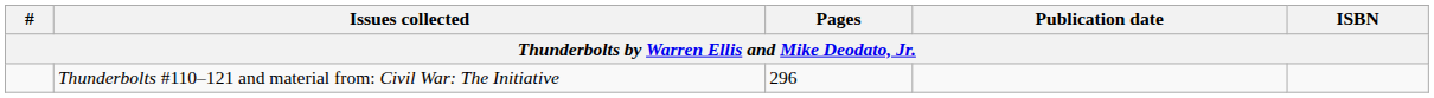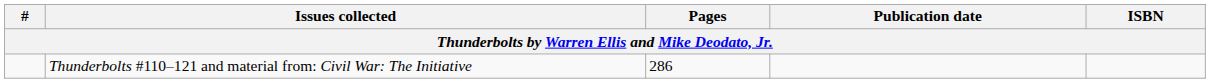 <table class="wikitable sortable" width=98%>
 <tr>
 <th class="unsortable">#</th>
 <th class="unsortable" width="50%">Issues collected</th>
 <th>Pages</th>
 <th>Publication date</th>
 <th class="unsortable">ISBN</th>
 </tr>
 <tr>
 <th colspan="5"><strong><em>Thunderbolts by <a href='#'>Warren Ellis</a> and <a href='#'>Mike Deodato, Jr.</a></em></strong></th>
 </tr>
 <tr>
 <td></td>
 <td><em>Thunderbolts</em> #110–121 and material from: <em>Civil War: The Initiative</em></td>
-<td>296</td>
+<td>286</td>
 <td></td>
 <td></td>
 </tr>
 </table>
